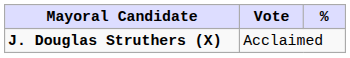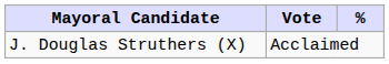 <table class="wikitable">
 <tr>
 <th style="background:#ddf; width:200px;">Mayoral Candidate </th>
 <th style="background:#ddf; width:50px;">Vote</th>
 <th style="background:#ddf; width:30px;">%</th>
 </tr>
 <tr>
-<td><strong>J. Douglas Struthers (X)</strong></td>
+<td>J. Douglas Struthers (X)</td>
 <td colspan="2">Acclaimed</td>
 </tr>
 </table>
